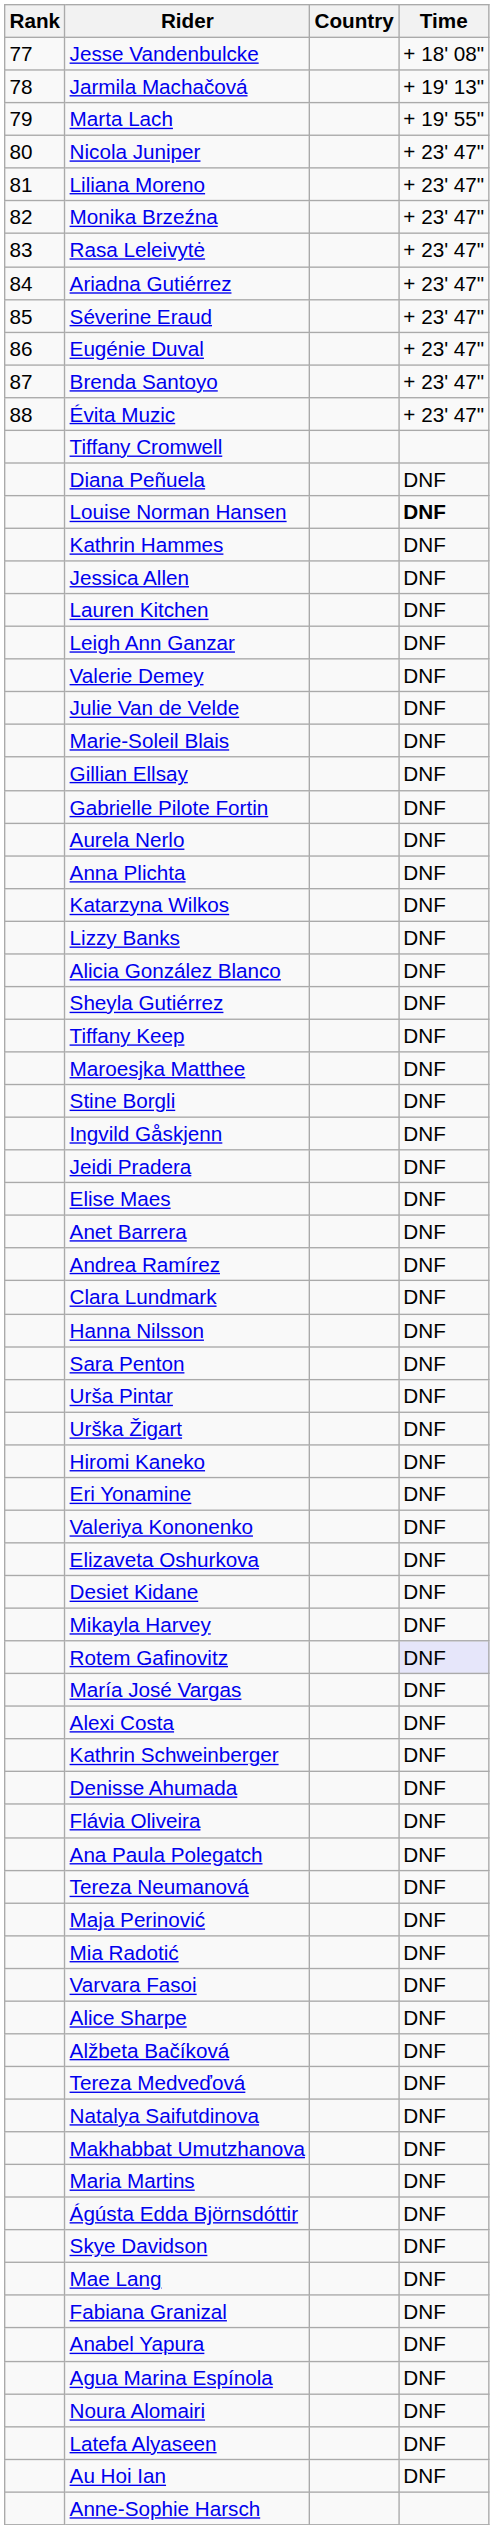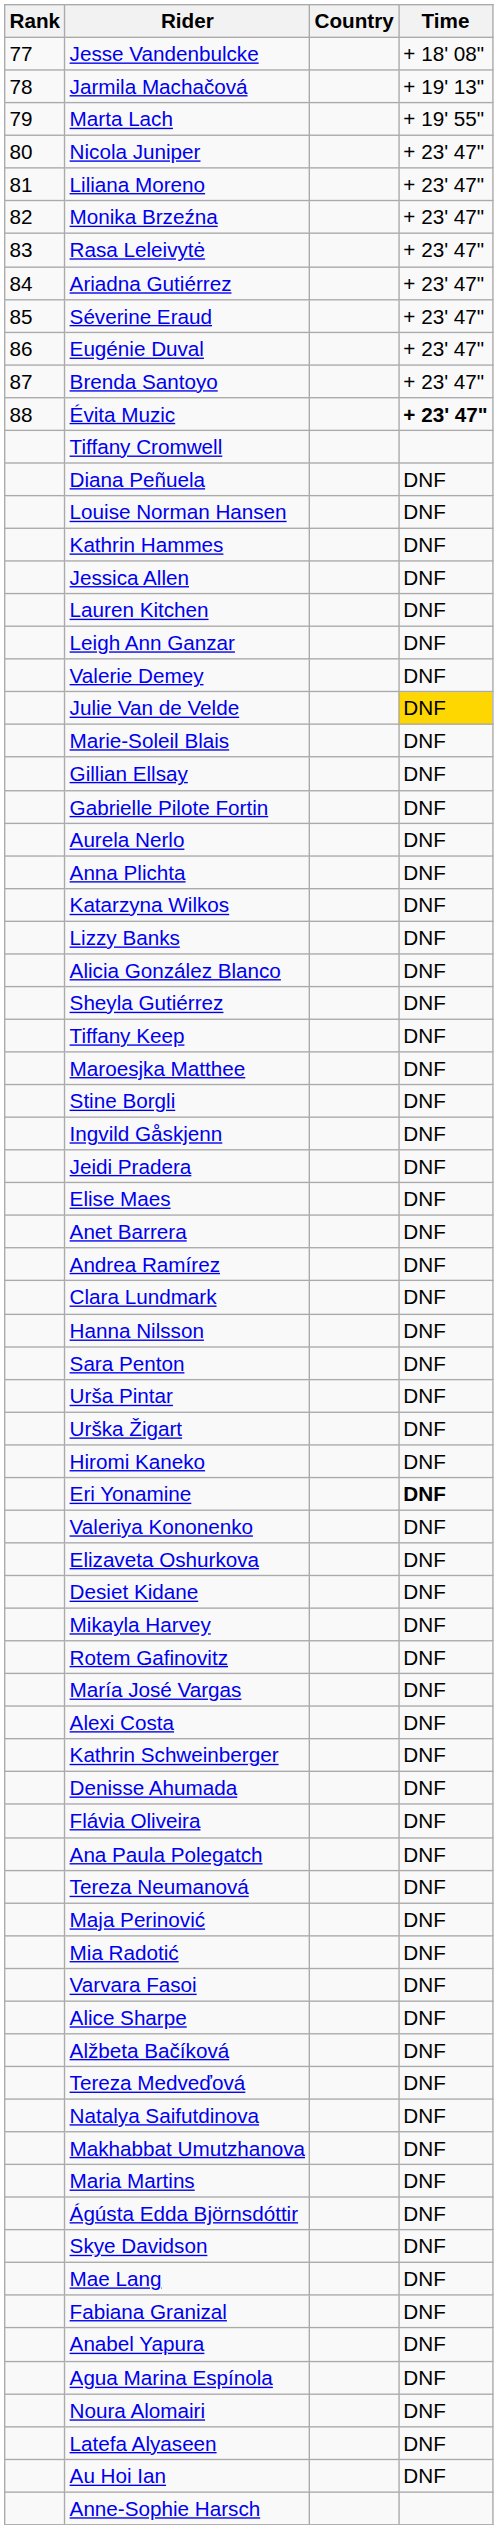 <table class="wikitable sortable" style="font-size:95%; text-align:left;">
 <tr>
 <th>Rank</th>
 <th>Rider</th>
 <th>Country</th>
 <th>Time</th>
 </tr>
 <tr>
 <td>77</td>
 <td><a href='#'>Jesse Vandenbulcke</a></td>
 <td></td>
 <td>+ 18' 08"</td>
 </tr>
 <tr>
 <td>78</td>
 <td><a href='#'>Jarmila Machačová</a></td>
 <td></td>
 <td>+ 19' 13"</td>
 </tr>
 <tr>
 <td>79</td>
 <td><a href='#'>Marta Lach</a></td>
 <td></td>
 <td>+ 19' 55"</td>
 </tr>
 <tr>
 <td>80</td>
 <td><a href='#'>Nicola Juniper</a></td>
 <td></td>
 <td>+ 23' 47"</td>
 </tr>
 <tr>
 <td>81</td>
 <td><a href='#'>Liliana Moreno</a></td>
 <td></td>
 <td>+ 23' 47"</td>
 </tr>
 <tr>
 <td>82</td>
 <td><a href='#'>Monika Brzeźna</a></td>
 <td></td>
 <td>+ 23' 47"</td>
 </tr>
 <tr>
 <td>83</td>
 <td><a href='#'>Rasa Leleivytė</a></td>
 <td></td>
 <td>+ 23' 47"</td>
 </tr>
 <tr>
 <td>84</td>
 <td><a href='#'>Ariadna Gutiérrez</a></td>
 <td></td>
 <td>+ 23' 47"</td>
 </tr>
 <tr>
 <td>85</td>
 <td><a href='#'>Séverine Eraud</a></td>
 <td></td>
 <td>+ 23' 47"</td>
 </tr>
 <tr>
 <td>86</td>
 <td><a href='#'>Eugénie Duval</a></td>
 <td></td>
 <td>+ 23' 47"</td>
 </tr>
 <tr>
 <td>87</td>
 <td><a href='#'>Brenda Santoyo</a></td>
 <td></td>
 <td>+ 23' 47"</td>
 </tr>
 <tr>
 <td>88</td>
 <td><a href='#'>Évita Muzic</a></td>
 <td></td>
-<td>+ 23' 47"</td>
+<td><strong>+ 23' 47"</strong></td>
 </tr>
 <tr>
 <td></td>
 <td><a href='#'>Tiffany Cromwell</a></td>
 <td></td>
 <td></td>
 </tr>
 <tr>
 <td></td>
 <td><a href='#'>Diana Peñuela</a></td>
 <td></td>
 <td>DNF</td>
 </tr>
 <tr>
 <td></td>
 <td><a href='#'>Louise Norman Hansen</a></td>
 <td></td>
-<td><strong>DNF</strong></td>
+<td>DNF</td>
 </tr>
 <tr>
 <td></td>
 <td><a href='#'>Kathrin Hammes</a></td>
 <td></td>
 <td>DNF</td>
 </tr>
 <tr>
 <td></td>
 <td><a href='#'>Jessica Allen</a></td>
 <td></td>
 <td>DNF</td>
 </tr>
 <tr>
 <td></td>
 <td><a href='#'>Lauren Kitchen</a></td>
 <td></td>
 <td>DNF</td>
 </tr>
 <tr>
 <td></td>
 <td><a href='#'>Leigh Ann Ganzar</a></td>
 <td></td>
 <td>DNF</td>
 </tr>
 <tr>
 <td></td>
 <td><a href='#'>Valerie Demey</a></td>
 <td></td>
 <td>DNF</td>
 </tr>
 <tr>
 <td></td>
 <td><a href='#'>Julie Van de Velde</a></td>
 <td></td>
-<td>DNF</td>
+<td style="background: gold;">DNF</td>
 </tr>
 <tr>
 <td></td>
 <td><a href='#'>Marie-Soleil Blais</a></td>
 <td></td>
 <td>DNF</td>
 </tr>
 <tr>
 <td></td>
 <td><a href='#'>Gillian Ellsay</a></td>
 <td></td>
 <td>DNF</td>
 </tr>
 <tr>
 <td></td>
 <td><a href='#'>Gabrielle Pilote Fortin</a></td>
 <td></td>
 <td>DNF</td>
 </tr>
 <tr>
 <td></td>
 <td><a href='#'>Aurela Nerlo</a></td>
 <td></td>
 <td>DNF</td>
 </tr>
 <tr>
 <td></td>
 <td><a href='#'>Anna Plichta</a></td>
 <td></td>
 <td>DNF</td>
 </tr>
 <tr>
 <td></td>
 <td><a href='#'>Katarzyna Wilkos</a></td>
 <td></td>
 <td>DNF</td>
 </tr>
 <tr>
 <td></td>
 <td><a href='#'>Lizzy Banks</a></td>
 <td></td>
 <td>DNF</td>
 </tr>
 <tr>
 <td></td>
 <td><a href='#'>Alicia González Blanco</a></td>
 <td></td>
 <td>DNF</td>
 </tr>
 <tr>
 <td></td>
 <td><a href='#'>Sheyla Gutiérrez</a></td>
 <td></td>
 <td>DNF</td>
 </tr>
 <tr>
 <td></td>
 <td><a href='#'>Tiffany Keep</a></td>
 <td></td>
 <td>DNF</td>
 </tr>
 <tr>
 <td></td>
 <td><a href='#'>Maroesjka Matthee</a></td>
 <td></td>
 <td>DNF</td>
 </tr>
 <tr>
 <td></td>
 <td><a href='#'>Stine Borgli</a></td>
 <td></td>
 <td>DNF</td>
 </tr>
 <tr>
 <td></td>
 <td><a href='#'>Ingvild Gåskjenn</a></td>
 <td></td>
 <td>DNF</td>
 </tr>
 <tr>
 <td></td>
 <td><a href='#'>Jeidi Pradera</a></td>
 <td></td>
 <td>DNF</td>
 </tr>
 <tr>
 <td></td>
 <td><a href='#'>Elise Maes</a></td>
 <td></td>
 <td>DNF</td>
 </tr>
 <tr>
 <td></td>
 <td><a href='#'>Anet Barrera</a></td>
 <td></td>
 <td>DNF</td>
 </tr>
 <tr>
 <td></td>
 <td><a href='#'>Andrea Ramírez</a></td>
 <td></td>
 <td>DNF</td>
 </tr>
 <tr>
 <td></td>
 <td><a href='#'>Clara Lundmark</a></td>
 <td></td>
 <td>DNF</td>
 </tr>
 <tr>
 <td></td>
 <td><a href='#'>Hanna Nilsson</a></td>
 <td></td>
 <td>DNF</td>
 </tr>
 <tr>
 <td></td>
 <td><a href='#'>Sara Penton</a></td>
 <td></td>
 <td>DNF</td>
 </tr>
 <tr>
 <td></td>
 <td><a href='#'>Urša Pintar</a></td>
 <td></td>
 <td>DNF</td>
 </tr>
 <tr>
 <td></td>
 <td><a href='#'>Urška Žigart</a></td>
 <td></td>
 <td>DNF</td>
 </tr>
 <tr>
 <td></td>
 <td><a href='#'>Hiromi Kaneko</a></td>
 <td></td>
 <td>DNF</td>
 </tr>
 <tr>
 <td></td>
 <td><a href='#'>Eri Yonamine</a></td>
 <td></td>
-<td>DNF</td>
+<td><strong>DNF</strong></td>
 </tr>
 <tr>
 <td></td>
 <td><a href='#'>Valeriya Kononenko</a></td>
 <td></td>
 <td>DNF</td>
 </tr>
 <tr>
 <td></td>
 <td><a href='#'>Elizaveta Oshurkova</a></td>
 <td></td>
 <td>DNF</td>
 </tr>
 <tr>
 <td></td>
 <td><a href='#'>Desiet Kidane</a></td>
 <td></td>
 <td>DNF</td>
 </tr>
 <tr>
 <td></td>
 <td><a href='#'>Mikayla Harvey</a></td>
 <td></td>
 <td>DNF</td>
 </tr>
 <tr>
 <td></td>
 <td><a href='#'>Rotem Gafinovitz</a></td>
 <td></td>
-<td style="background: lavender;">DNF</td>
+<td>DNF</td>
 </tr>
 <tr>
 <td></td>
 <td><a href='#'>María José Vargas</a></td>
 <td></td>
 <td>DNF</td>
 </tr>
 <tr>
 <td></td>
 <td><a href='#'>Alexi Costa</a></td>
 <td></td>
 <td>DNF</td>
 </tr>
 <tr>
 <td></td>
 <td><a href='#'>Kathrin Schweinberger</a></td>
 <td></td>
 <td>DNF</td>
 </tr>
 <tr>
 <td></td>
 <td><a href='#'>Denisse Ahumada</a></td>
 <td></td>
 <td>DNF</td>
 </tr>
 <tr>
 <td></td>
 <td><a href='#'>Flávia Oliveira</a></td>
 <td></td>
 <td>DNF</td>
 </tr>
 <tr>
 <td></td>
 <td><a href='#'>Ana Paula Polegatch</a></td>
 <td></td>
 <td>DNF</td>
 </tr>
 <tr>
 <td></td>
 <td><a href='#'>Tereza Neumanová</a></td>
 <td></td>
 <td>DNF</td>
 </tr>
 <tr>
 <td></td>
 <td><a href='#'>Maja Perinović</a></td>
 <td></td>
 <td>DNF</td>
 </tr>
 <tr>
 <td></td>
 <td><a href='#'>Mia Radotić</a></td>
 <td></td>
 <td>DNF</td>
 </tr>
 <tr>
 <td></td>
 <td><a href='#'>Varvara Fasoi</a></td>
 <td></td>
 <td>DNF</td>
 </tr>
 <tr>
 <td></td>
 <td><a href='#'>Alice Sharpe</a></td>
 <td></td>
 <td>DNF</td>
 </tr>
 <tr>
 <td></td>
 <td><a href='#'>Alžbeta Bačíková</a></td>
 <td></td>
 <td>DNF</td>
 </tr>
 <tr>
 <td></td>
 <td><a href='#'>Tereza Medveďová</a></td>
 <td></td>
 <td>DNF</td>
 </tr>
 <tr>
 <td></td>
 <td><a href='#'>Natalya Saifutdinova</a></td>
 <td></td>
 <td>DNF</td>
 </tr>
 <tr>
 <td></td>
 <td><a href='#'>Makhabbat Umutzhanova</a></td>
 <td></td>
 <td>DNF</td>
 </tr>
 <tr>
 <td></td>
 <td><a href='#'>Maria Martins</a></td>
 <td></td>
 <td>DNF</td>
 </tr>
 <tr>
 <td></td>
 <td><a href='#'>Ágústa Edda Björnsdóttir</a></td>
 <td></td>
 <td>DNF</td>
 </tr>
 <tr>
 <td></td>
 <td><a href='#'>Skye Davidson</a></td>
 <td></td>
 <td>DNF</td>
 </tr>
 <tr>
 <td></td>
 <td><a href='#'>Mae Lang</a></td>
 <td></td>
 <td>DNF</td>
 </tr>
 <tr>
 <td></td>
 <td><a href='#'>Fabiana Granizal</a></td>
 <td></td>
 <td>DNF</td>
 </tr>
 <tr>
 <td></td>
 <td><a href='#'>Anabel Yapura</a></td>
 <td></td>
 <td>DNF</td>
 </tr>
 <tr>
 <td></td>
 <td><a href='#'>Agua Marina Espínola</a></td>
 <td></td>
 <td>DNF</td>
 </tr>
 <tr>
 <td></td>
 <td><a href='#'>Noura Alomairi</a></td>
 <td></td>
 <td>DNF</td>
 </tr>
 <tr>
 <td></td>
 <td><a href='#'>Latefa Alyaseen</a></td>
 <td></td>
 <td>DNF</td>
 </tr>
 <tr>
 <td></td>
 <td><a href='#'>Au Hoi Ian</a></td>
 <td></td>
 <td>DNF</td>
 </tr>
 <tr>
 <td></td>
 <td><a href='#'>Anne-Sophie Harsch</a></td>
 <td></td>
 <td></td>
 </tr>
 </table>
